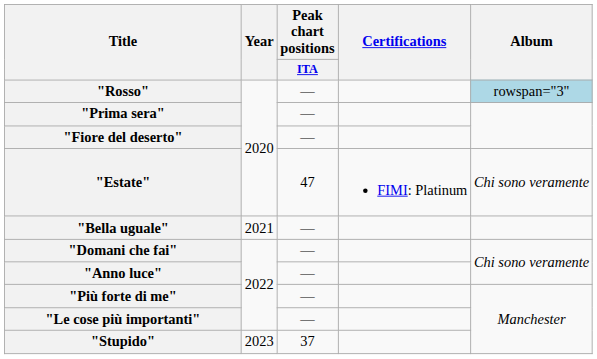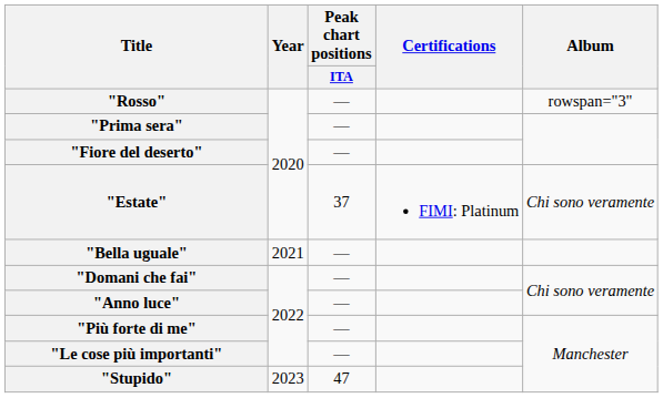 <table class="wikitable plainrowheaders" style="text-align:center;">
 <tr>
 <th rowspan="2" scope="col" style="width:16em;">Title</th>
 <th rowspan="2" scope="col" style="width:1em;">Year</th>
 <th scope="col">Peak chart positions</th>
 <th rowspan="2" scope="col"><a href='#'>Certifications</a></th>
 <th rowspan="2">Album</th>
 </tr>
 <tr>
 <th scope="col" style="width:3em;font-size:85%;"><a href='#'>ITA</a><br></th>
 </tr>
 <tr>
 <th scope="row">"Rosso"</th>
 <td rowspan="4">2020</td>
 <td>—</td>
 <td></td>
-<td style="background: lightblue;">rowspan="3" </td>
+<td>rowspan="3" </td>
 </tr>
 <tr>
 <th scope="row">"Prima sera"</th>
 <td>—</td>
 <td></td>
 </tr>
 <tr>
 <th scope="row">"Fiore del deserto"</th>
 <td>—</td>
 <td></td>
 </tr>
 <tr>
 <th scope="row">"Estate"</th>
-<td>47</td>
+<td>37<br></td>
 <td><br><ul><li><a href='#'>FIMI</a>: Platinum</li></ul></td>
 <td><em>Chi sono veramente</em></td>
 </tr>
 <tr>
 <th scope="row">"Bella uguale"</th>
 <td>2021</td>
 <td>—</td>
 <td></td>
 <td></td>
 </tr>
 <tr>
 <th scope="row">"Domani che fai"</th>
 <td rowspan="4">2022</td>
 <td>—</td>
 <td></td>
 <td rowspan="2"><em>Chi sono veramente</em></td>
 </tr>
 <tr>
 <th scope="row">"Anno luce"</th>
 <td>—</td>
 <td></td>
 </tr>
 <tr>
 <th scope="row">"Più forte di me"</th>
 <td>—</td>
 <td></td>
 <td rowspan="3"><em>Manchester</em></td>
 </tr>
 <tr>
 <th scope="row">"Le cose più importanti"</th>
 <td>—</td>
 <td></td>
 </tr>
 <tr>
 <th scope="row">"Stupido"</th>
 <td>2023</td>
-<td>37<br></td>
+<td>47</td>
 <td></td>
 </tr>
 </table>
